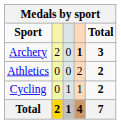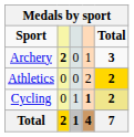 <table class="wikitable" style="font-size:85%">
 <tr style="background:#efefef;">
 <th colspan=7><strong>Medals by sport</strong></th>
 </tr>
 <tr align=center>
 <td><strong>Sport</strong></td>
 <td bgcolor=#f7f6a8></td>
 <td bgcolor=#dce5e5></td>
 <td bgcolor=#ffdab9></td>
 <td><strong>Total</strong></td>
 </tr>
 <tr align=center>
 <td><a href='#'>Archery</a></td>
-<td style="background:#F7F6A8;">2</td>
+<td style="background:#F7F6A8;"><strong>2</strong></td>
 <td style="background:#DCE5E5;">0</td>
-<td style="background:#FFDAB9;"><strong>1</strong></td>
+<td style="background:#FFDAB9;">1</td>
 <td><strong>3</strong></td>
 </tr>
 <tr align=center>
 <td><a href='#'>Athletics</a></td>
 <td style="background:#F7F6A8;">0</td>
 <td style="background:#DCE5E5;">0</td>
 <td style="background:#FFDAB9;">2</td>
-<td><strong>2</strong></td>
+<td style="background: gold;"><strong>2</strong></td>
 </tr>
 <tr align=center>
 <td><a href='#'>Cycling</a></td>
 <td style="background:#F7F6A8;">0</td>
 <td style="background:#DCE5E5;">1</td>
-<td style="background:#FFDAB9;">1</td>
-<td><strong>2</strong></td>
+<td style="background:#FFDAB9;"><strong>1</strong></td>
+<td style="background: khaki;"><strong>2</strong></td>
 </tr>
 <tr align=center>
 <th><strong>Total</strong></th>
 <th style="background:gold;"><strong>2</strong></th>
 <th style="background:silver;"><strong>1</strong></th>
 <th style="background:#c96;"><strong>4</strong></th>
 <th><strong>7</strong></th>
 </tr>
 </table>
